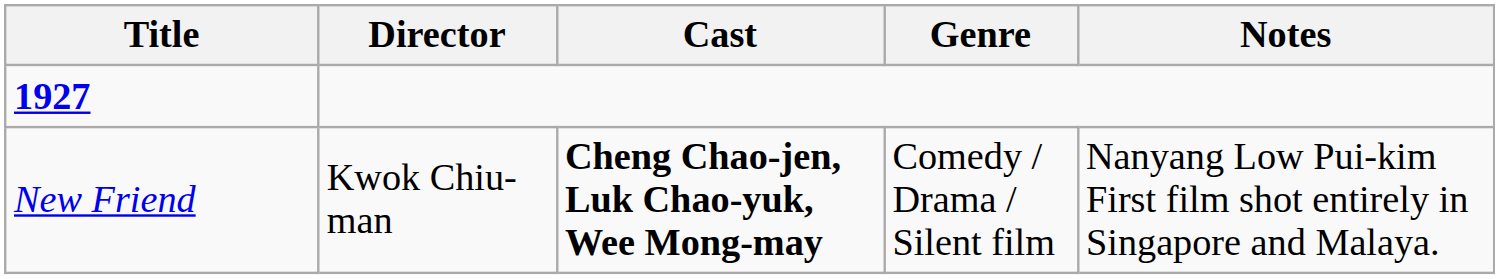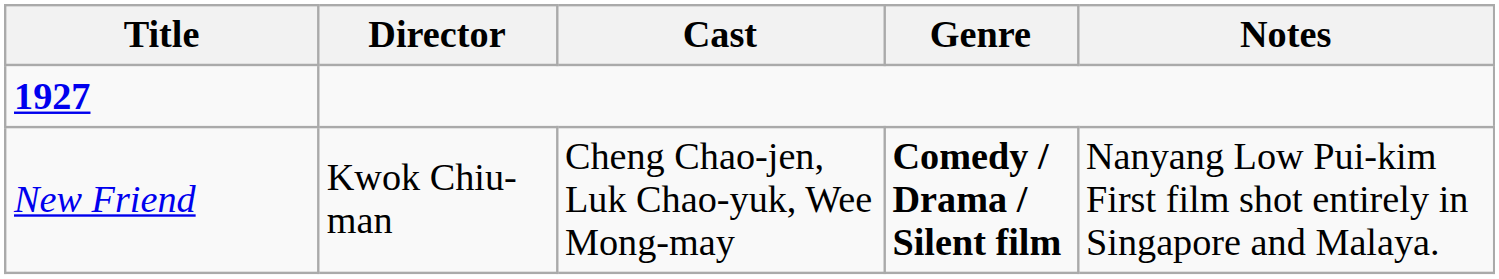 <table class="wikitable" width= "100%">
 <tr>
 <th width=21%>Title</th>
 <th width=16%>Director</th>
 <th width=22%>Cast</th>
 <th width=13%>Genre</th>
 <th width=28%>Notes</th>
 </tr>
 <tr>
 <td><strong><a href='#'>1927</a></strong></td>
 </tr>
 <tr>
 <td><em><a href='#'>New Friend</a></em></td>
 <td>Kwok Chiu-man</td>
-<td><strong>Cheng Chao-jen, Luk Chao-yuk, Wee Mong-may</strong></td>
-<td>Comedy / Drama / Silent film</td>
+<td>Cheng Chao-jen, Luk Chao-yuk, Wee Mong-may</td>
+<td><strong>Comedy / Drama / Silent film</strong></td>
 <td>Nanyang Low Pui-kim<br>First film shot entirely in Singapore and Malaya.</td>
 </tr>
 </table>
